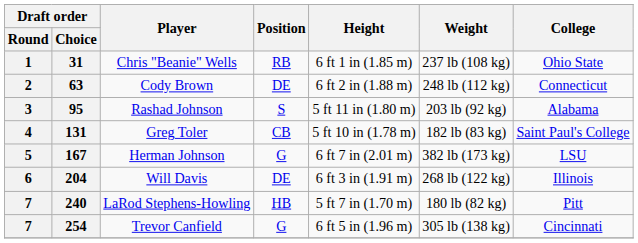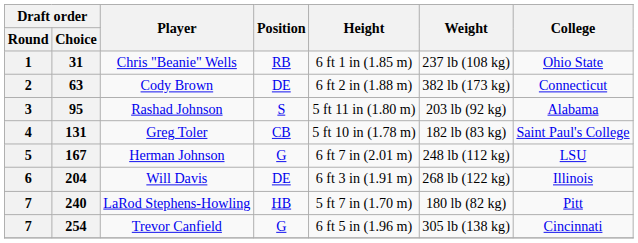 <table class="wikitable" align="center" style="font-size: 95%;">
 <tr>
 <th colspan="2">Draft order</th>
 <th rowspan="2">Player</th>
 <th rowspan="2">Position</th>
 <th rowspan="2">Height</th>
 <th rowspan="2">Weight</th>
 <th rowspan="2">College</th>
 </tr>
 <tr>
 <th>Round</th>
 <th>Choice</th>
 </tr>
 <tr>
 <th align="center">1</th>
 <th align="center">31</th>
 <td align="center"><a href='#'>Chris "Beanie" Wells</a></td>
 <td align="center"><a href='#'>RB</a></td>
 <td align="center">6 ft 1 in (1.85 m)</td>
 <td align="center">237 lb (108 kg)</td>
 <td align="center"><a href='#'>Ohio State</a></td>
 </tr>
 <tr>
 <th align="center">2</th>
 <th align="center">63</th>
 <td align="center"><a href='#'>Cody Brown</a></td>
 <td align="center"><a href='#'>DE</a></td>
 <td align="center">6 ft 2 in (1.88 m)</td>
-<td align="center">248 lb (112 kg)</td>
+<td align="center">382 lb (173 kg)</td>
 <td align="center"><a href='#'>Connecticut</a></td>
 </tr>
 <tr>
 <th align="center">3</th>
 <th align="center">95</th>
 <td align="center"><a href='#'>Rashad Johnson</a></td>
 <td align="center"><a href='#'>S</a></td>
 <td align="center">5 ft 11 in (1.80 m)</td>
 <td align="center">203 lb (92 kg)</td>
 <td align="center"><a href='#'>Alabama</a></td>
 </tr>
 <tr>
 <th align="center">4</th>
 <th align="center">131</th>
 <td align="center"><a href='#'>Greg Toler</a></td>
 <td align="center"><a href='#'>CB</a></td>
 <td align="center">5 ft 10 in (1.78 m)</td>
 <td align="center">182 lb (83 kg)</td>
 <td align="center"><a href='#'>Saint Paul's College</a></td>
 </tr>
 <tr>
 <th align="center">5</th>
 <th align="center">167</th>
 <td align="center"><a href='#'>Herman Johnson</a></td>
 <td align="center"><a href='#'>G</a></td>
 <td align="center">6 ft 7 in (2.01 m)</td>
-<td align="center">382 lb (173 kg)</td>
+<td align="center">248 lb (112 kg)</td>
 <td align="center"><a href='#'>LSU</a></td>
 </tr>
 <tr>
 <th align="center">6</th>
 <th align="center">204</th>
 <td align="center"><a href='#'>Will Davis</a></td>
 <td align="center"><a href='#'>DE</a></td>
 <td align="center">6 ft 3 in (1.91 m)</td>
 <td align="center">268 lb (122 kg)</td>
 <td align="center"><a href='#'>Illinois</a></td>
 </tr>
 <tr>
 <th align="center">7</th>
 <th align="center">240</th>
 <td align="center"><a href='#'>LaRod Stephens-Howling</a></td>
 <td align="center"><a href='#'>HB</a></td>
 <td align="center">5 ft 7 in (1.70 m)</td>
 <td align="center">180 lb (82 kg)</td>
 <td align="center"><a href='#'>Pitt</a></td>
 </tr>
 <tr>
 <th align="center">7</th>
 <th align="center">254</th>
 <td align="center"><a href='#'>Trevor Canfield</a></td>
 <td align="center"><a href='#'>G</a></td>
 <td align="center">6 ft 5 in (1.96 m)</td>
 <td align="center">305 lb (138 kg)</td>
 <td align="center"><a href='#'>Cincinnati</a></td>
 </tr>
 <tr>
 </tr>
 </table>
